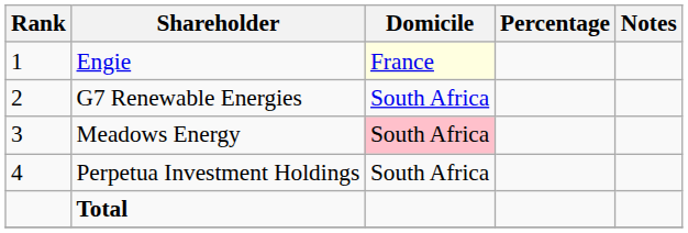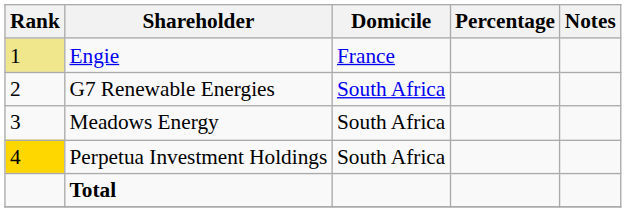 <table class="wikitable sortable" style="margin: 0.5em auto">
 <tr>
 <th>Rank</th>
 <th>Shareholder</th>
 <th>Domicile</th>
 <th>Percentage</th>
 <th>Notes</th>
 </tr>
 <tr>
-<td>1</td>
+<td style="background: khaki;">1</td>
 <td><a href='#'>Engie</a></td>
-<td style="background: lightyellow;"><a href='#'>France</a></td>
+<td><a href='#'>France</a></td>
 <td></td>
 <td></td>
 </tr>
 <tr>
 <td>2</td>
 <td>G7 Renewable Energies</td>
 <td><a href='#'>South Africa</a></td>
 <td></td>
 <td></td>
 </tr>
 <tr>
 <td>3</td>
 <td>Meadows Energy</td>
-<td style="background: pink;">South Africa</td>
+<td>South Africa</td>
 <td></td>
 <td></td>
 </tr>
 <tr>
-<td>4</td>
+<td style="background: gold;">4</td>
 <td>Perpetua Investment Holdings</td>
 <td>South Africa</td>
 <td></td>
 <td></td>
 </tr>
 <tr>
 <td></td>
 <td><strong>Total</strong></td>
 <td></td>
 <td></td>
 <td></td>
 </tr>
 <tr>
 </tr>
 </table>
